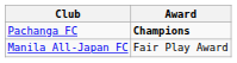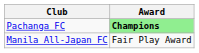 <table class="wikitable" style="text-align:center">
 <tr>
 <th>Club</th>
 <th>Award</th>
 </tr>
 <tr>
 <td align="left"><a href='#'>Pachanga FC</a></td>
-<td align="left"><strong>Champions</strong></td>
+<td align="left" style="background: lightgreen;"><strong>Champions</strong></td>
 </tr>
 <tr>
 <td align="left"><a href='#'>Manila All-Japan FC</a></td>
 <td align="left">Fair Play Award</td>
 </tr>
 </table>
